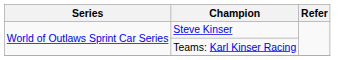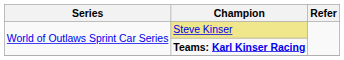 <table class="wikitable" style="font-size:87%;">
 <tr>
 <th>Series</th>
 <th>Champion</th>
 <th>Refer</th>
 </tr>
 <tr>
 <td rowspan=2><a href='#'>World of Outlaws Sprint Car Series</a></td>
-<td> <a href='#'>Steve Kinser</a></td>
+<td style="background: khaki;"> <a href='#'>Steve Kinser</a></td>
 <td rowspan=2></td>
 </tr>
 <tr>
-<td>Teams:  <a href='#'>Karl Kinser Racing</a></td>
+<td><strong>Teams:  <a href='#'>Karl Kinser Racing</a></strong></td>
 </tr>
 <tr>
 </tr>
 </table>
